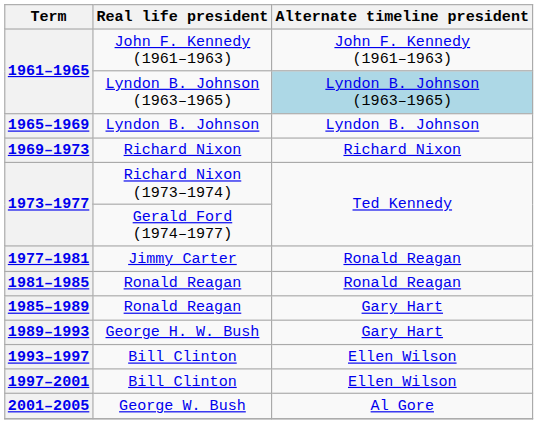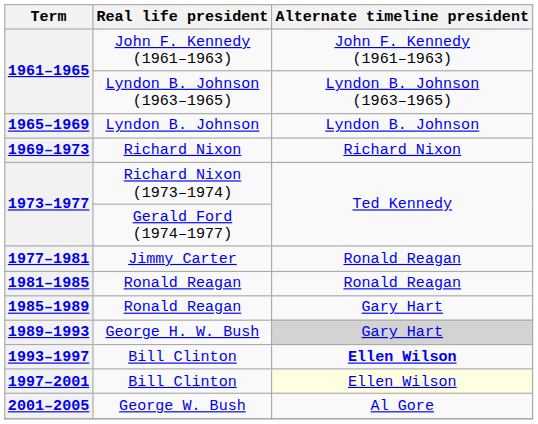 <table class="wikitable sortable collapsible" style="text-align:center; float:right">
 <tr>
 <th scope=col class=unsortable>Term</th>
 <th scope=col class=unsortable>Real life president</th>
 <th scope=col class=unsortable>Alternate timeline president</th>
 </tr>
 <tr>
 <th rowspan="2"><a href='#'>1961–1965</a></th>
 <td><a href='#'>John F. Kennedy</a><br>(1961–1963)</td>
 <td><a href='#'>John F. Kennedy</a><br>(1961–1963)</td>
 </tr>
 <tr>
 <td><a href='#'>Lyndon B. Johnson</a><br>(1963–1965)</td>
-<td style="background: lightblue;"><a href='#'>Lyndon B. Johnson</a><br>(1963–1965)</td>
+<td><a href='#'>Lyndon B. Johnson</a><br>(1963–1965)</td>
 </tr>
 <tr>
 <th><a href='#'>1965–1969</a></th>
 <td><a href='#'>Lyndon B. Johnson</a></td>
 <td><a href='#'>Lyndon B. Johnson</a></td>
 </tr>
 <tr>
 <th><a href='#'>1969–1973</a></th>
 <td><a href='#'>Richard Nixon</a></td>
 <td><a href='#'>Richard Nixon</a></td>
 </tr>
 <tr>
 <th rowspan="2"><a href='#'>1973–1977</a></th>
 <td><a href='#'>Richard Nixon</a><br>(1973–1974)</td>
 <td rowspan="2"><a href='#'>Ted Kennedy</a></td>
 </tr>
 <tr>
 <td><a href='#'>Gerald Ford</a><br>(1974–1977)</td>
 </tr>
 <tr>
 <th><a href='#'>1977–1981</a></th>
 <td><a href='#'>Jimmy Carter</a></td>
 <td><a href='#'>Ronald Reagan</a></td>
 </tr>
 <tr>
 <th><a href='#'>1981–1985</a></th>
 <td><a href='#'>Ronald Reagan</a></td>
 <td><a href='#'>Ronald Reagan</a></td>
 </tr>
 <tr>
 <th><a href='#'>1985–1989</a></th>
 <td><a href='#'>Ronald Reagan</a></td>
 <td><a href='#'>Gary Hart</a></td>
 </tr>
 <tr>
 <th><a href='#'>1989–1993</a></th>
 <td><a href='#'>George H. W. Bush</a></td>
-<td><a href='#'>Gary Hart</a></td>
+<td style="background: lightgrey;"><a href='#'>Gary Hart</a></td>
 </tr>
 <tr>
 <th><a href='#'>1993–1997</a></th>
 <td><a href='#'>Bill Clinton</a></td>
-<td><a href='#'>Ellen Wilson</a></td>
+<td><strong><a href='#'>Ellen Wilson</a></strong></td>
 </tr>
 <tr>
 <th><a href='#'>1997–2001</a></th>
 <td><a href='#'>Bill Clinton</a></td>
-<td><a href='#'>Ellen Wilson</a></td>
+<td style="background: lightyellow;"><a href='#'>Ellen Wilson</a></td>
 </tr>
 <tr>
 <th><a href='#'>2001–2005</a></th>
 <td><a href='#'>George W. Bush</a></td>
 <td><a href='#'>Al Gore</a></td>
 </tr>
 <tr>
 </tr>
 </table>
